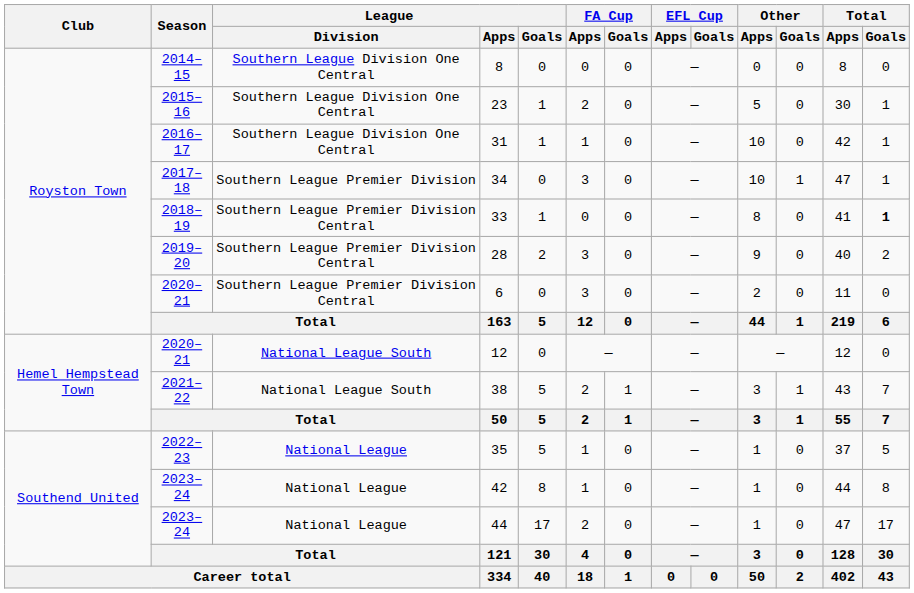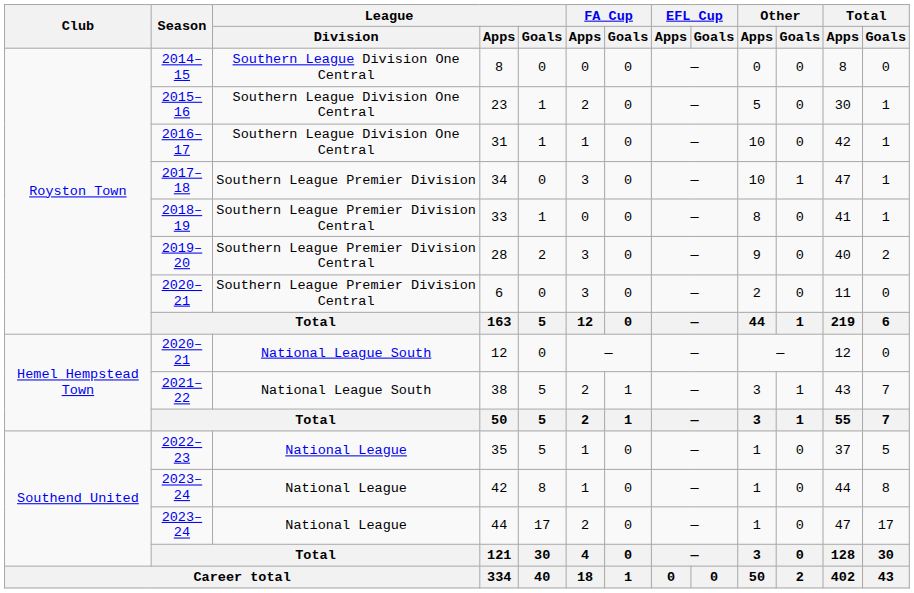 <table class=wikitable style="text-align: center">
 <tr>
 <th rowspan=2>Club</th>
 <th rowspan=2>Season</th>
 <th colspan=3>League</th>
 <th colspan=2><a href='#'>FA Cup</a></th>
 <th colspan=2><a href='#'>EFL Cup</a></th>
 <th colspan=2>Other</th>
 <th colspan=2>Total</th>
 </tr>
 <tr>
 <th>Division</th>
 <th>Apps</th>
 <th>Goals</th>
 <th>Apps</th>
 <th>Goals</th>
 <th>Apps</th>
 <th>Goals</th>
 <th>Apps</th>
 <th>Goals</th>
 <th>Apps</th>
 <th>Goals</th>
 </tr>
 <tr>
 <td rowspan=8><a href='#'>Royston Town</a></td>
 <td><a href='#'>2014–15</a></td>
 <td><a href='#'>Southern League</a> Division One Central</td>
 <td>8</td>
 <td>0</td>
 <td>0</td>
 <td>0</td>
 <td colspan=2>—</td>
 <td>0</td>
 <td>0</td>
 <td>8</td>
 <td>0</td>
 </tr>
 <tr>
 <td><a href='#'>2015–16</a></td>
 <td>Southern League Division One Central</td>
 <td>23</td>
 <td>1</td>
 <td>2</td>
 <td>0</td>
 <td colspan=2>—</td>
 <td>5</td>
 <td>0</td>
 <td>30</td>
 <td>1</td>
 </tr>
 <tr>
 <td><a href='#'>2016–17</a></td>
 <td>Southern League Division One Central</td>
 <td>31</td>
 <td>1</td>
 <td>1</td>
 <td>0</td>
 <td colspan=2>—</td>
 <td>10</td>
 <td>0</td>
 <td>42</td>
 <td>1</td>
 </tr>
 <tr>
 <td><a href='#'>2017–18</a></td>
 <td>Southern League Premier Division</td>
 <td>34</td>
 <td>0</td>
 <td>3</td>
 <td>0</td>
 <td colspan=2>—</td>
 <td>10</td>
 <td>1</td>
 <td>47</td>
 <td>1</td>
 </tr>
 <tr>
 <td><a href='#'>2018–19</a></td>
 <td>Southern League Premier Division Central</td>
 <td>33</td>
 <td>1</td>
 <td>0</td>
 <td>0</td>
 <td colspan=2>—</td>
 <td>8</td>
 <td>0</td>
 <td>41</td>
-<td><strong>1</strong></td>
+<td>1</td>
 </tr>
 <tr>
 <td><a href='#'>2019–20</a></td>
 <td>Southern League Premier Division Central</td>
 <td>28</td>
 <td>2</td>
 <td>3</td>
 <td>0</td>
 <td colspan=2>—</td>
 <td>9</td>
 <td>0</td>
 <td>40</td>
 <td>2</td>
 </tr>
 <tr>
 <td><a href='#'>2020–21</a></td>
 <td>Southern League Premier Division Central</td>
 <td>6</td>
 <td>0</td>
 <td>3</td>
 <td>0</td>
 <td colspan=2>—</td>
 <td>2</td>
 <td>0</td>
 <td>11</td>
 <td>0</td>
 </tr>
 <tr>
 <th colspan=2>Total</th>
 <th>163</th>
 <th>5</th>
 <th>12</th>
 <th>0</th>
 <th colspan=2>—</th>
 <th>44</th>
 <th>1</th>
 <th>219</th>
 <th>6</th>
 </tr>
 <tr>
 <td rowspan=3><a href='#'>Hemel Hempstead Town</a></td>
 <td><a href='#'>2020–21</a></td>
 <td><a href='#'>National League South</a></td>
 <td>12</td>
 <td>0</td>
 <td colspan=2>—</td>
 <td colspan=2>—</td>
 <td colspan=2>—</td>
 <td>12</td>
 <td>0</td>
 </tr>
 <tr>
 <td><a href='#'>2021–22</a></td>
 <td>National League South</td>
 <td>38</td>
 <td>5</td>
 <td>2</td>
 <td>1</td>
 <td colspan=2>—</td>
 <td>3</td>
 <td>1</td>
 <td>43</td>
 <td>7</td>
 </tr>
 <tr>
 <th colspan=2>Total</th>
 <th>50</th>
 <th>5</th>
 <th>2</th>
 <th>1</th>
 <th colspan=2>—</th>
 <th>3</th>
 <th>1</th>
 <th>55</th>
 <th>7</th>
 </tr>
 <tr>
 <td rowspan=4><a href='#'>Southend United</a></td>
 <td><a href='#'>2022–23</a></td>
 <td><a href='#'>National League</a></td>
 <td>35</td>
 <td>5</td>
 <td>1</td>
 <td>0</td>
 <td colspan=2>—</td>
 <td>1</td>
 <td>0</td>
 <td>37</td>
 <td>5</td>
 </tr>
 <tr>
 <td><a href='#'>2023–24</a></td>
 <td>National League</td>
 <td>42</td>
 <td>8</td>
 <td>1</td>
 <td>0</td>
 <td colspan=2>—</td>
 <td>1</td>
 <td>0</td>
 <td>44</td>
 <td>8</td>
 </tr>
 <tr>
 <td><a href='#'>2023–24</a></td>
 <td>National League</td>
 <td>44</td>
 <td>17</td>
 <td>2</td>
 <td>0</td>
 <td colspan=2>—</td>
 <td>1</td>
 <td>0</td>
 <td>47</td>
 <td>17</td>
 </tr>
 <tr>
 <th colspan=2>Total</th>
 <th>121</th>
 <th>30</th>
 <th>4</th>
 <th>0</th>
 <th colspan=2>—</th>
 <th>3</th>
 <th>0</th>
 <th>128</th>
 <th>30</th>
 </tr>
 <tr>
 <th colspan=3>Career total</th>
 <th>334</th>
 <th>40</th>
 <th>18</th>
 <th>1</th>
 <th>0</th>
 <th>0</th>
 <th>50</th>
 <th>2</th>
 <th>402</th>
 <th>43</th>
 </tr>
 </table>
